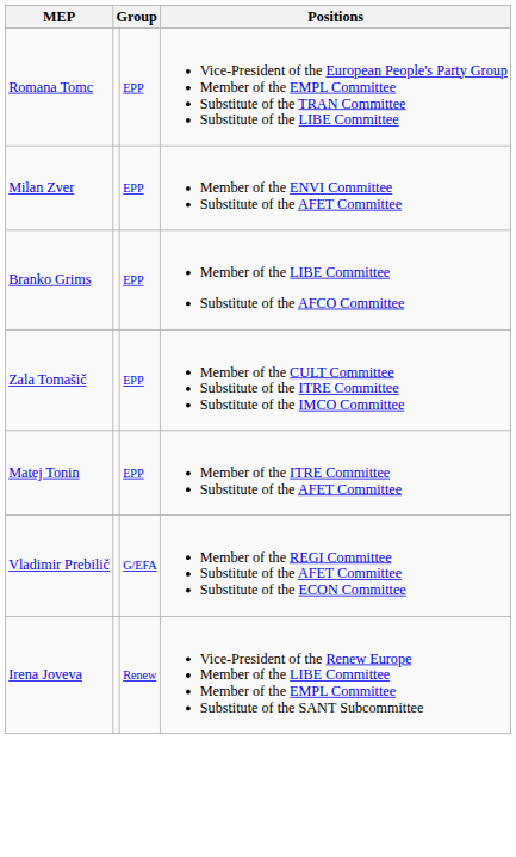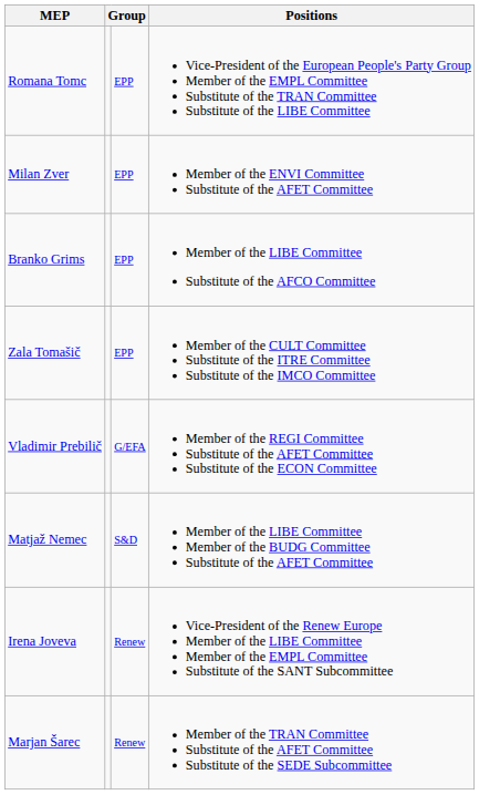 <table class="wikitable">
 <tr>
 <th>MEP</th>
 <th colspan="2">Group</th>
 <th>Positions</th>
 </tr>
 <tr>
 <td><a href='#'>Romana Tomc</a></td>
 <td style="background-color:"></td>
 <td><a href='#'><small>EPP</small></a></td>
 <td><br><ul><li>Vice-President of the <a href='#'>European People's Party Group</a></li><li>Member of the <a href='#'>EMPL Committee</a></li><li>Substitute of the <a href='#'>TRAN Committee</a></li><li>Substitute of the <a href='#'>LIBE Committee</a></li></ul></td>
 </tr>
 <tr>
 <td><a href='#'>Milan Zver</a></td>
 <td style="background-color:"></td>
 <td><a href='#'><small>EPP</small></a></td>
 <td><br><ul><li>Member of the <a href='#'>ENVI Committee</a></li><li>Substitute of the <a href='#'>AFET Committee</a></li></ul></td>
 </tr>
 <tr>
 <td><a href='#'>Branko Grims</a></td>
 <td style="background-color:"></td>
 <td><a href='#'><small>EPP</small></a></td>
 <td><br><ul><li>Member of the <a href='#'>LIBE Committee</a></li></ul><ul><li>Substitute of the <a href='#'>AFCO Committee</a></li></ul></td>
 </tr>
 <tr>
 <td><a href='#'>Zala Tomašič</a></td>
 <td style="background-color:"></td>
 <td><a href='#'><small>EPP</small></a></td>
 <td><br><ul><li>Member of the <a href='#'>CULT Committee</a></li><li>Substitute of the <a href='#'>ITRE Committee</a></li><li>Substitute of the <a href='#'>IMCO Committee</a></li></ul></td>
 </tr>
 <tr>
-<td><a href='#'>Matej Tonin</a></td>
-<td style="background-color:"></td>
-<td><a href='#'><small>EPP</small></a></td>
-<td><br><ul><li>Member of the <a href='#'>ITRE Committee</a></li><li>Substitute of the <a href='#'>AFET Committee</a></li></ul></td>
-</tr>
-<tr>
 <td><a href='#'>Vladimir Prebilič</a></td>
 <td style="background-color:"></td>
 <td><a href='#'><small>G/EFA</small></a></td>
 <td><br><ul><li>Member of the <a href='#'>REGI Committee</a></li><li>Substitute of the <a href='#'>AFET Committee</a></li><li>Substitute of the <a href='#'>ECON Committee</a></li></ul></td>
+</tr>
+<tr>
+<td><a href='#'>Matjaž Nemec</a></td>
+<td style="background-color:"></td>
+<td><a href='#'><small>S&D</small></a></td>
+<td><br><ul><li>Member of the <a href='#'>LIBE Committee</a></li><li>Member of the <a href='#'>BUDG Committee</a></li><li>Substitute of the <a href='#'>AFET Committee</a></li></ul></td>
 </tr>
 <tr>
 <td><a href='#'>Irena Joveva</a></td>
 <td style="background-color:"></td>
 <td><a href='#'><small>Renew</small></a></td>
 <td><br><ul><li>Vice-President of the <a href='#'>Renew Europe</a></li><li>Member of the <a href='#'>LIBE Committee</a></li><li>Member of the <a href='#'>EMPL Committee</a></li><li>Substitute of the SANT Subcommittee</li></ul></td>
 </tr>
+<tr>
+<td><a href='#'>Marjan Šarec</a></td>
+<td style="background-color:"></td>
+<td><a href='#'><small>Renew</small></a></td>
+<td><br><ul><li>Member of the <a href='#'>TRAN Committee</a></li><li>Substitute of the <a href='#'>AFET Committee</a></li><li>Substitute of the <a href='#'>SEDE Subcommittee</a></li></ul></td>
+</tr>
 </table>
